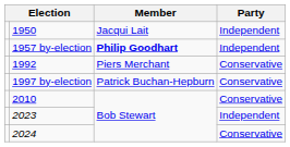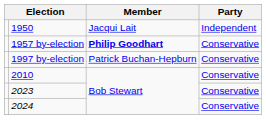 <table class="wikitable">
 <tr>
 <th colspan="2">Election</th>
 <th>Member</th>
 <th>Party</th>
 </tr>
 <tr>
 <td style="color:inherit;background-color: "></td>
 <td><a href='#'>1950</a></td>
 <td><a href='#'>Jacqui Lait</a></td>
 <td><a href='#'>Independent</a></td>
 </tr>
 <tr>
 <td style="color:inherit;background-color: "></td>
 <td><a href='#'>1957 by-election</a></td>
 <td><strong><a href='#'>Philip Goodhart</a></strong></td>
-<td><a href='#'>Independent</a></td>
-</tr>
-<tr>
-<td style="color:inherit;background-color: "></td>
-<td><a href='#'>1992</a></td>
-<td><a href='#'>Piers Merchant</a></td>
 <td><a href='#'>Conservative</a></td>
 </tr>
 <tr>
 <td style="color:inherit;background-color: "></td>
 <td><a href='#'>1997 by-election</a></td>
 <td><a href='#'>Patrick Buchan-Hepburn</a></td>
 <td><a href='#'>Conservative</a></td>
 </tr>
 <tr>
 <td style="color:inherit;background-color: "></td>
 <td><a href='#'>2010</a></td>
 <td rowspan="3"><a href='#'>Bob Stewart</a></td>
 <td><a href='#'>Conservative</a></td>
 </tr>
 <tr>
 <td style="color:inherit;background-color: "></td>
 <td><em>2023</em></td>
-<td><a href='#'>Independent</a></td>
+<td><a href='#'>Conservative</a></td>
 </tr>
 <tr>
 <td style="color:inherit;background-color: "></td>
 <td><em>2024</em></td>
 <td><a href='#'>Conservative</a></td>
 </tr>
 </table>
